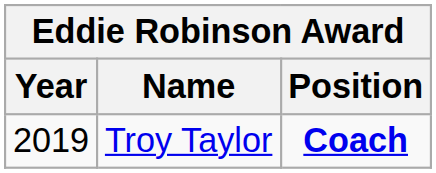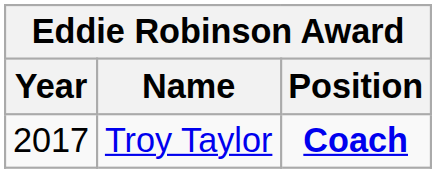 <table class="wikitable">
 <tr align="center">
 <th colspan=5>Eddie Robinson Award</th>
 </tr>
 <tr>
 <th>Year</th>
 <th>Name</th>
 <th>Position</th>
 </tr>
 <tr align="center" bgcolor="">
-<td>2019</td>
+<td>2017</td>
 <td><a href='#'>Troy Taylor</a></td>
 <td><strong><a href='#'>Coach</a></strong></td>
 </tr>
 </table>
